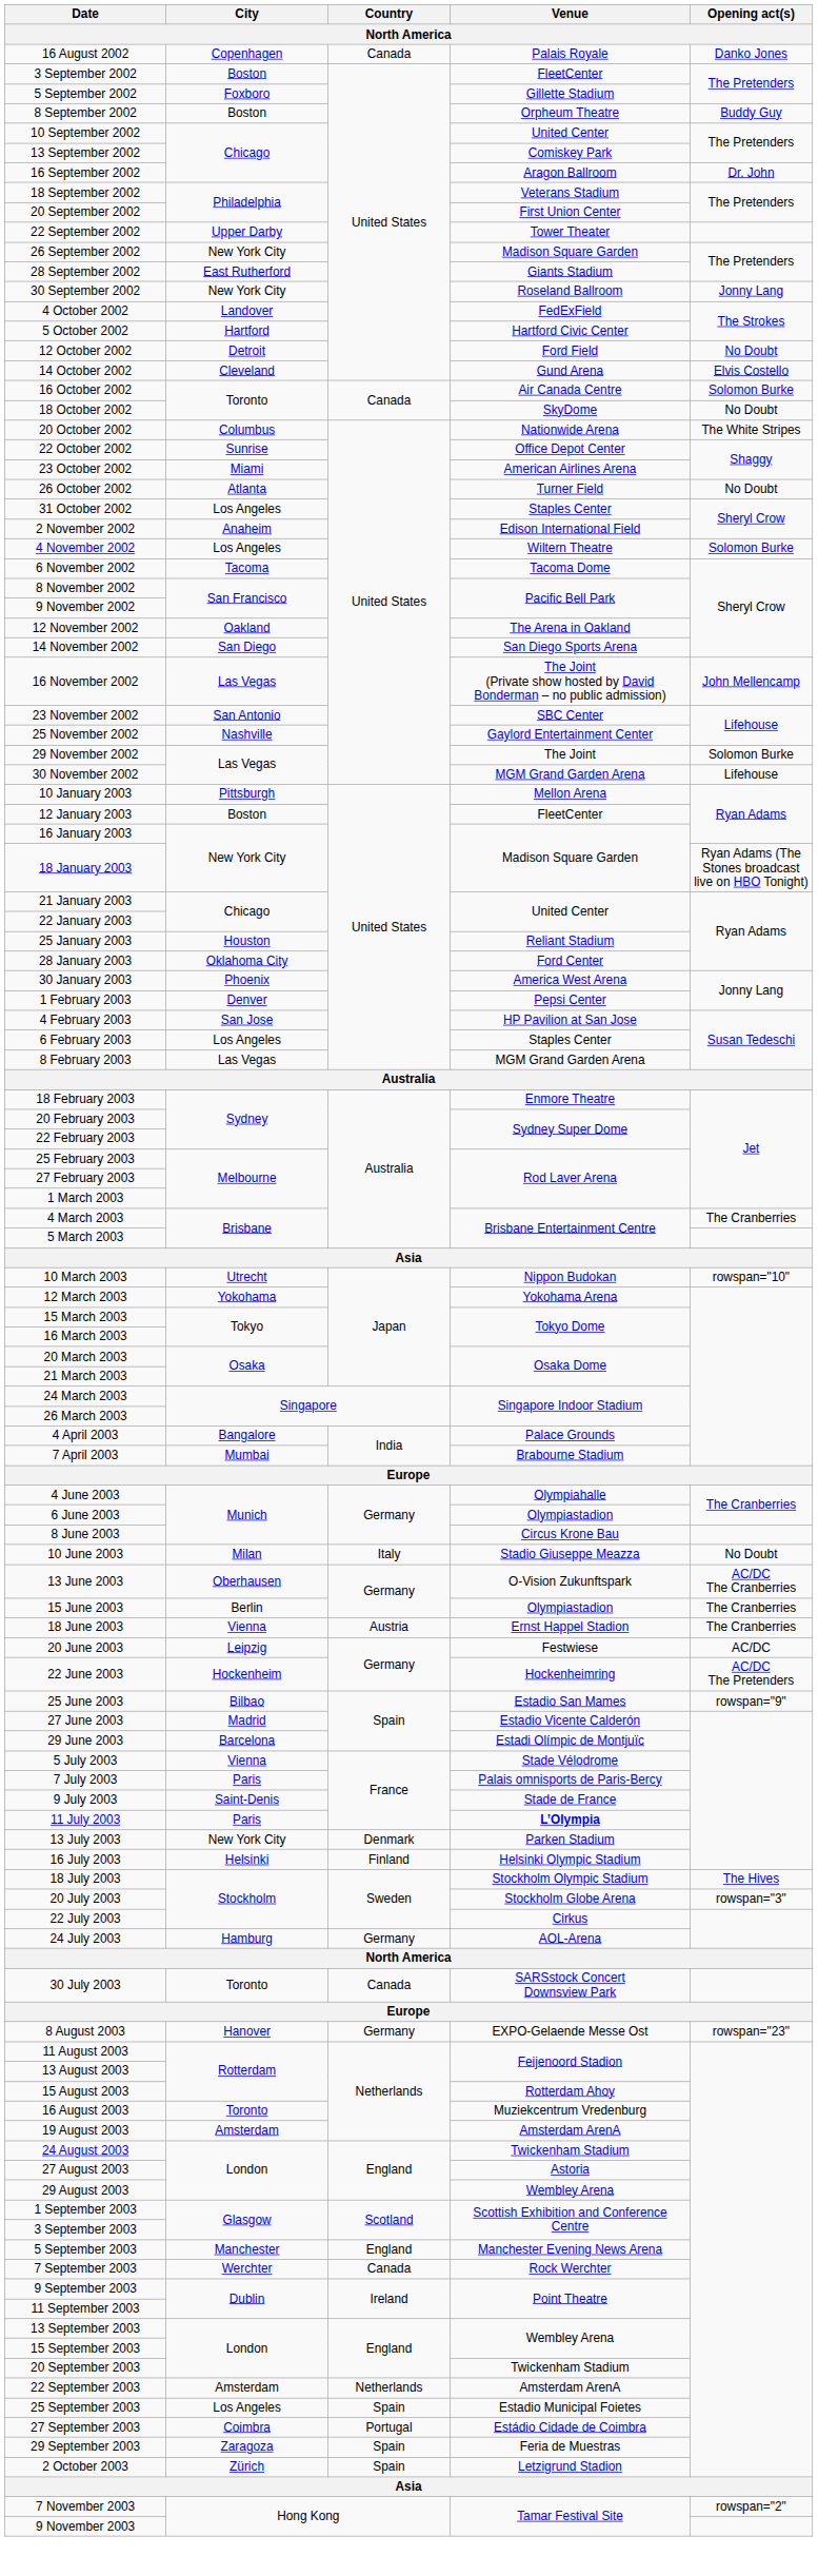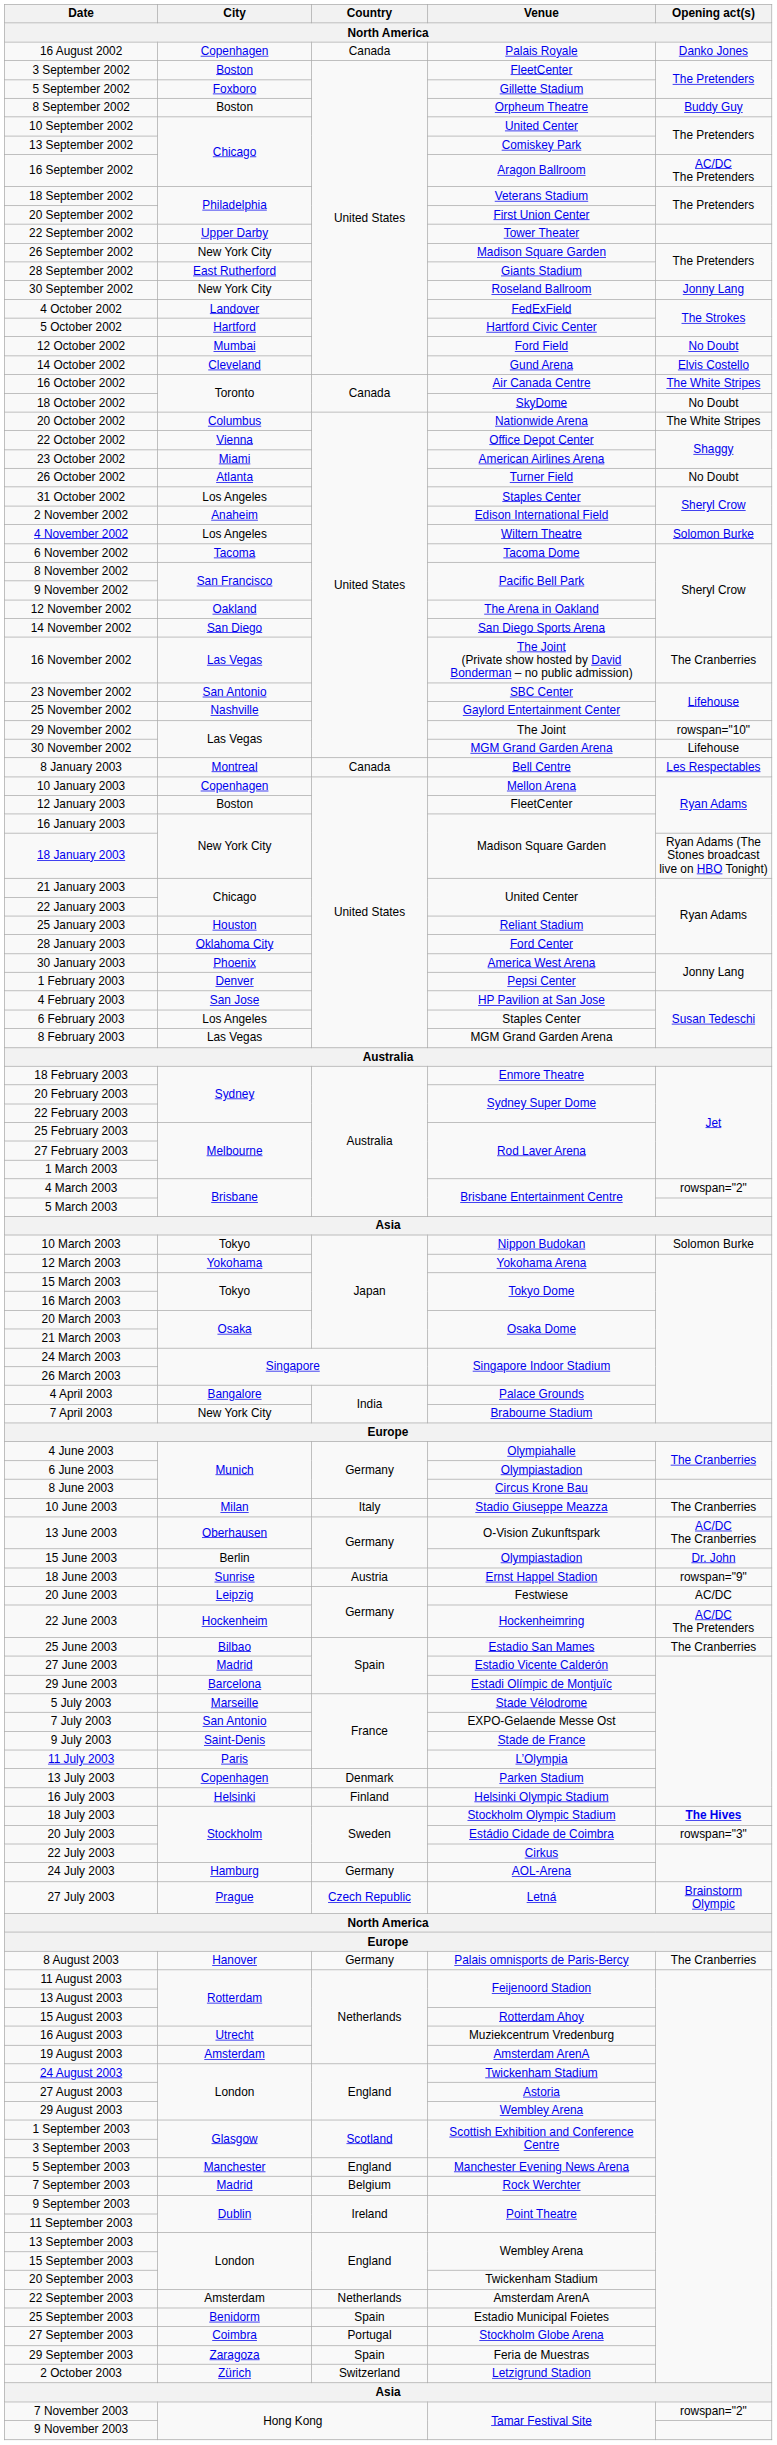 <table class="wikitable" style="text-align:center;">
 <tr>
 <th width="200">Date</th>
 <th width="200">City</th>
 <th width="150">Country</th>
 <th width="300">Venue</th>
 <th width="150">Opening act(s)</th>
 </tr>
 <tr>
 <th colspan="5">North America</th>
 </tr>
 <tr>
 <td>16 August 2002</td>
 <td><a href='#'>Copenhagen</a></td>
 <td>Canada</td>
 <td><a href='#'>Palais Royale</a></td>
 <td><a href='#'>Danko Jones</a></td>
 </tr>
 <tr>
 <td>3 September 2002</td>
 <td><a href='#'>Boston</a></td>
 <td rowspan="16">United States</td>
 <td><a href='#'>FleetCenter</a></td>
 <td rowspan="2"><a href='#'>The Pretenders</a></td>
 </tr>
 <tr>
 <td>5 September 2002</td>
 <td><a href='#'>Foxboro</a></td>
 <td><a href='#'>Gillette Stadium</a></td>
 </tr>
 <tr>
 <td>8 September 2002</td>
 <td>Boston</td>
 <td><a href='#'>Orpheum Theatre</a></td>
 <td><a href='#'>Buddy Guy</a></td>
 </tr>
 <tr>
 <td>10 September 2002</td>
 <td rowspan="3"><a href='#'>Chicago</a></td>
 <td><a href='#'>United Center</a></td>
 <td rowspan="2">The Pretenders</td>
 </tr>
 <tr>
 <td>13 September 2002</td>
 <td><a href='#'>Comiskey Park</a></td>
 </tr>
 <tr>
 <td>16 September 2002</td>
 <td><a href='#'>Aragon Ballroom</a></td>
-<td><a href='#'>Dr. John</a></td>
+<td><a href='#'>AC/DC</a><br>The Pretenders</td>
 </tr>
 <tr>
 <td>18 September 2002</td>
 <td rowspan="2"><a href='#'>Philadelphia</a></td>
 <td><a href='#'>Veterans Stadium</a></td>
 <td rowspan="2">The Pretenders</td>
 </tr>
 <tr>
 <td>20 September 2002</td>
 <td><a href='#'>First Union Center</a></td>
 </tr>
 <tr>
 <td>22 September 2002</td>
 <td><a href='#'>Upper Darby</a></td>
 <td><a href='#'>Tower Theater</a></td>
 <td></td>
 </tr>
 <tr>
 <td>26 September 2002</td>
 <td>New York City</td>
 <td><a href='#'>Madison Square Garden</a></td>
 <td rowspan="2">The Pretenders</td>
 </tr>
 <tr>
 <td>28 September 2002</td>
 <td><a href='#'>East Rutherford</a></td>
 <td><a href='#'>Giants Stadium</a></td>
 </tr>
 <tr>
 <td>30 September 2002</td>
 <td>New York City</td>
 <td><a href='#'>Roseland Ballroom</a></td>
 <td><a href='#'>Jonny Lang</a></td>
 </tr>
 <tr>
 <td>4 October 2002</td>
 <td><a href='#'>Landover</a></td>
 <td><a href='#'>FedExField</a></td>
 <td rowspan="2"><a href='#'>The Strokes</a></td>
 </tr>
 <tr>
 <td>5 October 2002</td>
 <td><a href='#'>Hartford</a></td>
 <td><a href='#'>Hartford Civic Center</a></td>
 </tr>
 <tr>
 <td>12 October 2002</td>
-<td><a href='#'>Detroit</a></td>
+<td><a href='#'>Mumbai</a></td>
 <td><a href='#'>Ford Field</a></td>
 <td><a href='#'>No Doubt</a></td>
 </tr>
 <tr>
 <td>14 October 2002</td>
 <td><a href='#'>Cleveland</a></td>
 <td><a href='#'>Gund Arena</a></td>
 <td><a href='#'>Elvis Costello</a></td>
 </tr>
 <tr>
 <td>16 October 2002</td>
 <td rowspan="2">Toronto</td>
 <td rowspan="2">Canada</td>
 <td><a href='#'>Air Canada Centre</a></td>
-<td><a href='#'>Solomon Burke</a></td>
+<td><a href='#'>The White Stripes</a></td>
 </tr>
 <tr>
 <td>18 October 2002</td>
 <td><a href='#'>SkyDome</a></td>
 <td>No Doubt</td>
 </tr>
 <tr>
 <td>20 October 2002</td>
 <td><a href='#'>Columbus</a></td>
 <td rowspan="17">United States</td>
 <td><a href='#'>Nationwide Arena</a></td>
 <td>The White Stripes</td>
 </tr>
 <tr>
 <td>22 October 2002</td>
-<td><a href='#'>Sunrise</a></td>
+<td><a href='#'>Vienna</a></td>
 <td><a href='#'>Office Depot Center</a></td>
 <td rowspan="2"><a href='#'>Shaggy</a></td>
 </tr>
 <tr>
 <td>23 October 2002</td>
 <td><a href='#'>Miami</a></td>
 <td><a href='#'>American Airlines Arena</a></td>
 </tr>
 <tr>
 <td>26 October 2002</td>
 <td><a href='#'>Atlanta</a></td>
 <td><a href='#'>Turner Field</a></td>
 <td>No Doubt</td>
 </tr>
 <tr>
 <td>31 October 2002</td>
 <td>Los Angeles</td>
 <td><a href='#'>Staples Center</a></td>
 <td rowspan="2"><a href='#'>Sheryl Crow</a></td>
 </tr>
 <tr>
 <td>2 November 2002</td>
 <td><a href='#'>Anaheim</a></td>
 <td><a href='#'>Edison International Field</a></td>
 </tr>
 <tr>
 <td><a href='#'>4 November 2002</a></td>
 <td>Los Angeles</td>
 <td><a href='#'>Wiltern Theatre</a></td>
 <td><a href='#'>Solomon Burke</a></td>
 </tr>
 <tr>
 <td>6 November 2002</td>
 <td><a href='#'>Tacoma</a></td>
 <td><a href='#'>Tacoma Dome</a></td>
 <td rowspan="5">Sheryl Crow</td>
 </tr>
 <tr>
 <td>8 November 2002</td>
 <td rowspan="2"><a href='#'>San Francisco</a></td>
 <td rowspan="2"><a href='#'>Pacific Bell Park</a></td>
 </tr>
 <tr>
 <td>9 November 2002</td>
 </tr>
 <tr>
 <td>12 November 2002</td>
 <td><a href='#'>Oakland</a></td>
 <td><a href='#'>The Arena in Oakland</a></td>
 </tr>
 <tr>
 <td>14 November 2002</td>
 <td><a href='#'>San Diego</a></td>
 <td><a href='#'>San Diego Sports Arena</a></td>
 </tr>
 <tr>
 <td>16 November 2002</td>
 <td><a href='#'>Las Vegas</a></td>
 <td><a href='#'>The Joint</a><br>(Private show hosted by <a href='#'>David Bonderman</a> – no public admission)</td>
-<td><a href='#'>John Mellencamp</a></td>
+<td>The Cranberries</td>
 </tr>
 <tr>
 <td>23 November 2002</td>
 <td><a href='#'>San Antonio</a></td>
 <td><a href='#'>SBC Center</a></td>
 <td rowspan="2"><a href='#'>Lifehouse</a></td>
 </tr>
 <tr>
 <td>25 November 2002</td>
 <td><a href='#'>Nashville</a></td>
 <td><a href='#'>Gaylord Entertainment Center</a></td>
 </tr>
 <tr>
 <td>29 November 2002</td>
 <td rowspan="2">Las Vegas</td>
 <td>The Joint</td>
-<td>Solomon Burke</td>
+<td>rowspan="10" </td>
 </tr>
 <tr>
 <td>30 November 2002</td>
 <td><a href='#'>MGM Grand Garden Arena</a></td>
 <td>Lifehouse</td>
 </tr>
 <tr>
+<td>8 January 2003</td>
+<td><a href='#'>Montreal</a></td>
+<td>Canada</td>
+<td><a href='#'>Bell Centre</a></td>
+<td><a href='#'>Les Respectables</a></td>
+</tr>
+<tr>
 <td>10 January 2003</td>
-<td><a href='#'>Pittsburgh</a></td>
+<td><a href='#'>Copenhagen</a></td>
 <td rowspan="13">United States</td>
 <td><a href='#'>Mellon Arena</a></td>
 <td rowspan="3"><a href='#'>Ryan Adams</a></td>
 </tr>
 <tr>
 <td>12 January 2003</td>
 <td>Boston</td>
 <td>FleetCenter</td>
 </tr>
 <tr>
 <td>16 January 2003</td>
 <td rowspan="2">New York City</td>
 <td rowspan="2">Madison Square Garden</td>
 </tr>
 <tr>
 <td><a href='#'>18 January 2003</a></td>
 <td>Ryan Adams (The Stones  broadcast live on <a href='#'>HBO</a> Tonight)</td>
 </tr>
 <tr>
 <td>21 January 2003</td>
 <td rowspan="2">Chicago</td>
 <td rowspan="2">United Center</td>
 <td rowspan="4">Ryan Adams</td>
 </tr>
 <tr>
 <td>22 January 2003</td>
 </tr>
 <tr>
 <td>25 January 2003</td>
 <td><a href='#'>Houston</a></td>
 <td><a href='#'>Reliant Stadium</a></td>
 </tr>
 <tr>
 <td>28 January 2003</td>
 <td><a href='#'>Oklahoma City</a></td>
 <td><a href='#'>Ford Center</a></td>
 </tr>
 <tr>
 <td>30 January 2003</td>
 <td><a href='#'>Phoenix</a></td>
 <td><a href='#'>America West Arena</a></td>
 <td rowspan="2">Jonny Lang</td>
 </tr>
 <tr>
 <td>1 February 2003</td>
 <td><a href='#'>Denver</a></td>
 <td><a href='#'>Pepsi Center</a></td>
 </tr>
 <tr>
 <td>4 February 2003</td>
 <td><a href='#'>San Jose</a></td>
 <td><a href='#'>HP Pavilion at San Jose</a></td>
 <td rowspan="3"><a href='#'>Susan Tedeschi</a></td>
 </tr>
 <tr>
 <td>6 February 2003</td>
 <td>Los Angeles</td>
 <td>Staples Center</td>
 </tr>
 <tr>
 <td>8 February 2003</td>
 <td>Las Vegas</td>
 <td>MGM Grand Garden Arena</td>
 </tr>
 <tr>
 <th colspan="5">Australia</th>
 </tr>
 <tr>
 <td>18 February 2003</td>
 <td rowspan="3"><a href='#'>Sydney</a></td>
 <td rowspan="8">Australia</td>
 <td><a href='#'>Enmore Theatre</a></td>
 <td rowspan="6"><a href='#'>Jet</a></td>
 </tr>
 <tr>
 <td>20 February 2003</td>
 <td rowspan="2"><a href='#'>Sydney Super Dome</a></td>
 </tr>
 <tr>
 <td>22 February 2003</td>
 </tr>
 <tr>
 <td>25 February 2003</td>
 <td rowspan="3"><a href='#'>Melbourne</a></td>
 <td rowspan="3"><a href='#'>Rod Laver Arena</a></td>
 </tr>
 <tr>
 <td>27 February 2003</td>
 </tr>
 <tr>
 <td>1 March 2003</td>
 </tr>
 <tr>
 <td>4 March 2003</td>
 <td rowspan="2"><a href='#'>Brisbane</a></td>
 <td rowspan="2"><a href='#'>Brisbane Entertainment Centre</a></td>
-<td>The Cranberries</td>
+<td>rowspan="2" </td>
 </tr>
 <tr>
 <td>5 March 2003</td>
 </tr>
 <tr>
 <th colspan="5">Asia</th>
 </tr>
 <tr>
 <td>10 March 2003</td>
-<td><a href='#'>Utrecht</a></td>
+<td>Tokyo</td>
 <td rowspan="6">Japan</td>
 <td><a href='#'>Nippon Budokan</a></td>
-<td>rowspan="10" </td>
+<td>Solomon Burke</td>
 </tr>
 <tr>
 <td>12 March 2003</td>
 <td><a href='#'>Yokohama</a></td>
 <td><a href='#'>Yokohama Arena</a></td>
 </tr>
 <tr>
 <td>15 March 2003</td>
 <td rowspan="2">Tokyo</td>
 <td rowspan="2"><a href='#'>Tokyo Dome</a></td>
 </tr>
 <tr>
 <td>16 March 2003</td>
 </tr>
 <tr>
 <td>20 March 2003</td>
 <td rowspan="2"><a href='#'>Osaka</a></td>
 <td rowspan="2"><a href='#'>Osaka Dome</a></td>
 </tr>
 <tr>
 <td>21 March 2003</td>
 </tr>
 <tr>
 <td>24 March 2003</td>
 <td rowspan="2"colspan="2"><a href='#'>Singapore</a></td>
 <td rowspan="2"><a href='#'>Singapore Indoor Stadium</a></td>
 </tr>
 <tr>
 <td>26 March 2003</td>
 </tr>
 <tr>
 <td>4 April 2003</td>
 <td><a href='#'>Bangalore</a></td>
 <td rowspan="2">India</td>
 <td><a href='#'>Palace Grounds</a></td>
 </tr>
 <tr>
 <td>7 April 2003</td>
-<td><a href='#'>Mumbai</a></td>
+<td>New York City</td>
 <td><a href='#'>Brabourne Stadium</a></td>
 </tr>
 <tr>
 <th colspan="5">Europe</th>
 </tr>
 <tr>
 <td>4 June 2003</td>
 <td rowspan="3"><a href='#'>Munich</a></td>
 <td rowspan="3">Germany</td>
 <td><a href='#'>Olympiahalle</a></td>
 <td rowspan="2"><a href='#'>The Cranberries</a></td>
 </tr>
 <tr>
 <td>6 June 2003</td>
 <td><a href='#'>Olympiastadion</a></td>
 </tr>
 <tr>
 <td>8 June 2003</td>
 <td><a href='#'>Circus Krone Bau</a></td>
 <td></td>
 </tr>
 <tr>
 <td>10 June 2003</td>
 <td><a href='#'>Milan</a></td>
 <td>Italy</td>
 <td><a href='#'>Stadio Giuseppe Meazza</a></td>
-<td>No Doubt</td>
+<td>The Cranberries</td>
 </tr>
 <tr>
 <td>13 June 2003</td>
 <td><a href='#'>Oberhausen</a></td>
 <td rowspan="2">Germany</td>
 <td>O-Vision Zukunftspark</td>
 <td><a href='#'>AC/DC</a><br>The Cranberries</td>
 </tr>
 <tr>
 <td>15 June 2003</td>
 <td>Berlin</td>
 <td><a href='#'>Olympiastadion</a></td>
-<td>The Cranberries</td>
+<td><a href='#'>Dr. John</a></td>
 </tr>
 <tr>
 <td>18 June 2003</td>
-<td><a href='#'>Vienna</a></td>
+<td><a href='#'>Sunrise</a></td>
 <td>Austria</td>
 <td><a href='#'>Ernst Happel Stadion</a></td>
-<td>The Cranberries</td>
+<td>rowspan="9" </td>
 </tr>
 <tr>
 <td>20 June 2003</td>
 <td><a href='#'>Leipzig</a></td>
 <td rowspan="2">Germany</td>
 <td>Festwiese</td>
 <td>AC/DC</td>
 </tr>
 <tr>
 <td>22 June 2003</td>
 <td><a href='#'>Hockenheim</a></td>
 <td><a href='#'>Hockenheimring</a></td>
 <td><a href='#'>AC/DC</a><br>The Pretenders</td>
 </tr>
 <tr>
 <td>25 June 2003</td>
 <td><a href='#'>Bilbao</a></td>
 <td rowspan="3">Spain</td>
 <td><a href='#'>Estadio San Mames</a></td>
-<td>rowspan="9" </td>
+<td>The Cranberries</td>
 </tr>
 <tr>
 <td>27 June 2003</td>
 <td><a href='#'>Madrid</a></td>
 <td><a href='#'>Estadio Vicente Calderón</a></td>
 </tr>
 <tr>
 <td>29 June 2003</td>
 <td><a href='#'>Barcelona</a></td>
 <td><a href='#'>Estadi Olímpic de Montjuïc</a></td>
 </tr>
 <tr>
 <td>5 July 2003</td>
-<td><a href='#'>Vienna</a></td>
+<td><a href='#'>Marseille</a></td>
 <td rowspan="4">France</td>
 <td><a href='#'>Stade Vélodrome</a></td>
 </tr>
 <tr>
 <td>7 July 2003</td>
-<td><a href='#'>Paris</a></td>
-<td><a href='#'>Palais omnisports de Paris-Bercy</a></td>
+<td><a href='#'>San Antonio</a></td>
+<td>EXPO-Gelaende Messe Ost</td>
 </tr>
 <tr>
 <td>9 July 2003</td>
 <td><a href='#'>Saint-Denis</a></td>
 <td><a href='#'>Stade de France</a></td>
 </tr>
 <tr>
 <td><a href='#'>11 July 2003</a></td>
 <td><a href='#'>Paris</a></td>
-<td><strong><a href='#'>L’Olympia</a></strong></td>
+<td><a href='#'>L’Olympia</a></td>
 </tr>
 <tr>
 <td>13 July 2003</td>
-<td>New York City</td>
+<td><a href='#'>Copenhagen</a></td>
 <td>Denmark</td>
 <td><a href='#'>Parken Stadium</a></td>
 </tr>
 <tr>
 <td>16 July 2003</td>
 <td><a href='#'>Helsinki</a></td>
 <td>Finland</td>
 <td><a href='#'>Helsinki Olympic Stadium</a></td>
 </tr>
 <tr>
 <td>18 July 2003</td>
 <td rowspan="3"><a href='#'>Stockholm</a></td>
 <td rowspan="3">Sweden</td>
 <td><a href='#'>Stockholm Olympic Stadium</a></td>
-<td><a href='#'>The Hives</a></td>
+<td><strong><a href='#'>The Hives</a></strong></td>
 </tr>
 <tr>
 <td>20 July 2003</td>
-<td><a href='#'>Stockholm Globe Arena</a></td>
+<td><a href='#'>Estádio Cidade de Coimbra</a></td>
 <td>rowspan="3" </td>
 </tr>
 <tr>
 <td>22 July 2003</td>
 <td><a href='#'>Cirkus</a></td>
 </tr>
 <tr>
 <td>24 July 2003</td>
 <td><a href='#'>Hamburg</a></td>
 <td>Germany</td>
 <td><a href='#'>AOL-Arena</a></td>
 </tr>
 <tr>
-<th colspan="5">North America</th>
+<td>27 July 2003</td>
+<td><a href='#'>Prague</a></td>
+<td><a href='#'>Czech Republic</a></td>
+<td><a href='#'>Letná</a></td>
+<td><a href='#'>Brainstorm</a><br><a href='#'>Olympic</a></td>
 </tr>
 <tr>
-<td>30 July 2003</td>
-<td>Toronto</td>
-<td>Canada</td>
-<td><a href='#'>SARSstock Concert</a><br><a href='#'>Downsview Park</a></td>
-<td></td>
+<th colspan="5">North America</th>
 </tr>
 <tr>
 <th colspan="5">Europe</th>
 </tr>
 <tr>
 <td>8 August 2003</td>
 <td><a href='#'>Hanover</a></td>
 <td>Germany</td>
-<td>EXPO-Gelaende Messe Ost</td>
-<td>rowspan="23" </td>
+<td><a href='#'>Palais omnisports de Paris-Bercy</a></td>
+<td>The Cranberries</td>
 </tr>
 <tr>
 <td>11 August 2003</td>
 <td rowspan="3"><a href='#'>Rotterdam</a></td>
 <td rowspan="5">Netherlands</td>
 <td rowspan="2"><a href='#'>Feijenoord Stadion</a></td>
 </tr>
 <tr>
 <td>13 August 2003</td>
 </tr>
 <tr>
 <td>15 August 2003</td>
 <td><a href='#'>Rotterdam Ahoy</a></td>
 </tr>
 <tr>
 <td>16 August 2003</td>
-<td><a href='#'>Toronto</a></td>
+<td><a href='#'>Utrecht</a></td>
 <td>Muziekcentrum Vredenburg</td>
 </tr>
 <tr>
 <td>19 August 2003</td>
 <td><a href='#'>Amsterdam</a></td>
 <td><a href='#'>Amsterdam ArenA</a></td>
 </tr>
 <tr>
 <td><a href='#'>24 August 2003</a></td>
 <td rowspan="3">London</td>
 <td rowspan="3">England</td>
 <td><a href='#'>Twickenham Stadium</a></td>
 </tr>
 <tr>
 <td>27 August 2003</td>
 <td><a href='#'>Astoria</a></td>
 </tr>
 <tr>
 <td>29 August 2003</td>
 <td><a href='#'>Wembley Arena</a></td>
 </tr>
 <tr>
 <td>1 September 2003</td>
 <td rowspan="2"><a href='#'>Glasgow</a></td>
 <td rowspan="2"><a href='#'>Scotland</a></td>
 <td rowspan="2"><a href='#'>Scottish Exhibition and Conference Centre</a></td>
 </tr>
 <tr>
 <td>3 September 2003</td>
 </tr>
 <tr>
 <td>5 September 2003</td>
 <td><a href='#'>Manchester</a></td>
 <td>England</td>
 <td><a href='#'>Manchester Evening News Arena</a></td>
 </tr>
 <tr>
 <td>7 September 2003</td>
-<td><a href='#'>Werchter</a></td>
-<td>Canada</td>
+<td><a href='#'>Madrid</a></td>
+<td>Belgium</td>
 <td><a href='#'>Rock Werchter</a></td>
 </tr>
 <tr>
 <td>9 September 2003</td>
 <td rowspan="2"><a href='#'>Dublin</a></td>
 <td rowspan="2">Ireland</td>
 <td rowspan="2"><a href='#'>Point Theatre</a></td>
 </tr>
 <tr>
 <td>11 September 2003</td>
 </tr>
 <tr>
 <td>13 September 2003</td>
 <td rowspan="3">London</td>
 <td rowspan="3">England</td>
 <td rowspan="2">Wembley Arena</td>
 </tr>
 <tr>
 <td>15 September 2003</td>
 </tr>
 <tr>
 <td>20 September 2003</td>
 <td>Twickenham Stadium</td>
 </tr>
 <tr>
 <td>22 September 2003</td>
 <td>Amsterdam</td>
 <td>Netherlands</td>
 <td>Amsterdam ArenA</td>
 </tr>
 <tr>
 <td>25 September 2003</td>
-<td>Los Angeles</td>
+<td><a href='#'>Benidorm</a></td>
 <td>Spain</td>
 <td>Estadio Municipal Foietes</td>
 </tr>
 <tr>
 <td>27 September 2003</td>
 <td><a href='#'>Coimbra</a></td>
 <td>Portugal</td>
-<td><a href='#'>Estádio Cidade de Coimbra</a></td>
+<td><a href='#'>Stockholm Globe Arena</a></td>
 </tr>
 <tr>
 <td>29 September 2003</td>
 <td><a href='#'>Zaragoza</a></td>
 <td>Spain</td>
 <td>Feria de Muestras</td>
 </tr>
 <tr>
 <td>2 October 2003</td>
 <td><a href='#'>Zürich</a></td>
-<td>Spain</td>
+<td>Switzerland</td>
 <td><a href='#'>Letzigrund Stadion</a></td>
 </tr>
 <tr>
 <th colspan="5">Asia</th>
 </tr>
 <tr>
 <td>7 November 2003</td>
 <td rowspan="2"colspan="2">Hong Kong</td>
 <td rowspan="2"><a href='#'>Tamar Festival Site</a></td>
 <td>rowspan="2" </td>
 </tr>
 <tr>
 <td>9 November 2003</td>
 </tr>
 </table>
